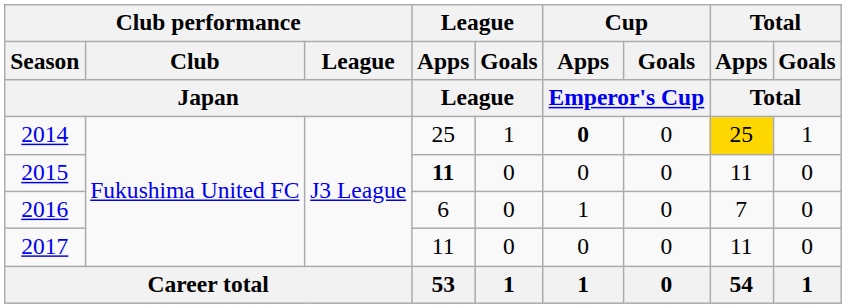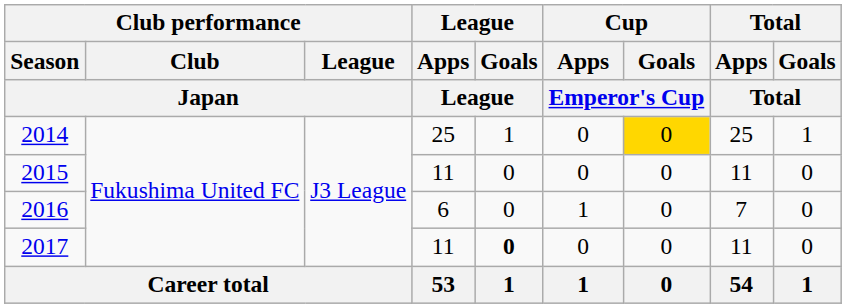 <table class="wikitable" style="text-align:center">
 <tr>
 <th colspan=3>Club performance</th>
 <th colspan=2>League</th>
 <th colspan=2>Cup</th>
 <th colspan=2>Total</th>
 </tr>
 <tr>
 <th>Season</th>
 <th>Club</th>
 <th>League</th>
 <th>Apps</th>
 <th>Goals</th>
 <th>Apps</th>
 <th>Goals</th>
 <th>Apps</th>
 <th>Goals</th>
 </tr>
 <tr>
 <th colspan=3>Japan</th>
 <th colspan=2>League</th>
 <th colspan=2><a href='#'>Emperor's Cup</a></th>
 <th colspan=2>Total</th>
 </tr>
 <tr>
 <td><a href='#'>2014</a></td>
 <td rowspan="4"><a href='#'>Fukushima United FC</a></td>
 <td rowspan="4"><a href='#'>J3 League</a></td>
 <td>25</td>
 <td>1</td>
-<td><strong>0</strong></td>
 <td>0</td>
-<td style="background: gold;">25</td>
+<td style="background: gold;">0</td>
+<td>25</td>
 <td>1</td>
 </tr>
 <tr>
 <td><a href='#'>2015</a></td>
-<td><strong>11</strong></td>
+<td>11</td>
 <td>0</td>
 <td>0</td>
 <td>0</td>
 <td>11</td>
 <td>0</td>
 </tr>
 <tr>
 <td><a href='#'>2016</a></td>
 <td>6</td>
 <td>0</td>
 <td>1</td>
 <td>0</td>
 <td>7</td>
 <td>0</td>
 </tr>
 <tr>
 <td><a href='#'>2017</a></td>
 <td>11</td>
-<td>0</td>
+<td><strong>0</strong></td>
 <td>0</td>
 <td>0</td>
 <td>11</td>
 <td>0</td>
 </tr>
 <tr>
 <th colspan=3>Career total</th>
 <th>53</th>
 <th>1</th>
 <th>1</th>
 <th>0</th>
 <th>54</th>
 <th>1</th>
 </tr>
 </table>
